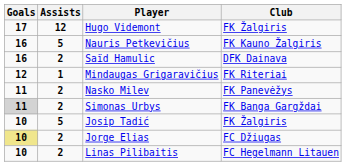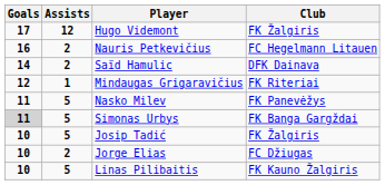 <table class="wikitable" style="text-size: 95%;">
 <tr>
 <th>Goals</th>
 <th>Assists</th>
 <th>Player</th>
 <th>Club</th>
 </tr>
 <tr>
 <td style="text-align: center;"><strong>17</strong></td>
 <td style="text-align: center;"><strong>12</strong></td>
 <td> <a href='#'>Hugo Videmont</a></td>
 <td><a href='#'>FK Žalgiris</a></td>
 </tr>
 <tr>
 <td style="text-align: center;"><strong>16</strong></td>
-<td style="text-align: center;"><strong>5</strong></td>
+<td style="text-align: center;"><strong>2</strong></td>
 <td> <a href='#'>Nauris Petkevičius</a></td>
-<td><a href='#'>FK Kauno Žalgiris</a></td>
+<td><a href='#'>FC Hegelmann Litauen</a></td>
 </tr>
 <tr>
-<td style="text-align: center;"><strong>16</strong></td>
+<td style="text-align: center;"><strong>14</strong></td>
 <td style="text-align: center;"><strong>2</strong></td>
 <td> <a href='#'>Saïd Hamulic</a></td>
 <td><a href='#'>DFK Dainava</a></td>
 </tr>
 <tr>
 <td style="text-align: center;"><strong>12</strong></td>
 <td style="text-align: center;"><strong>1</strong></td>
 <td> <a href='#'>Mindaugas Grigaravičius</a></td>
 <td><a href='#'>FK Riteriai</a></td>
 </tr>
 <tr>
 <td style="text-align: center;"><strong>11</strong></td>
-<td style="text-align: center;"><strong>2</strong></td>
+<td style="text-align: center;"><strong>5</strong></td>
 <td> <a href='#'>Nasko Milev</a></td>
 <td><a href='#'>FK Panevėžys</a></td>
 </tr>
 <tr>
 <td style="background: lightgrey; text-align: center;"><strong>11</strong></td>
-<td style="text-align: center;"><strong>2</strong></td>
+<td style="text-align: center;"><strong>5</strong></td>
 <td> <a href='#'>Simonas Urbys</a></td>
 <td><a href='#'>FK Banga Gargždai</a></td>
 </tr>
 <tr>
 <td style="text-align: center;"><strong>10</strong></td>
 <td style="text-align: center;"><strong>5</strong></td>
 <td> <a href='#'>Josip Tadić</a></td>
 <td><a href='#'>FK Žalgiris</a></td>
 </tr>
 <tr>
-<td style="background: khaki; text-align: center;"><strong>10</strong></td>
+<td style="text-align: center;"><strong>10</strong></td>
 <td style="text-align: center;"><strong>2</strong></td>
 <td> <a href='#'>Jorge Elias</a></td>
 <td><a href='#'>FC Džiugas</a></td>
 </tr>
 <tr>
 <td style="text-align: center;"><strong>10</strong></td>
-<td style="text-align: center;"><strong>2</strong></td>
+<td style="text-align: center;"><strong>5</strong></td>
 <td> <a href='#'>Linas Pilibaitis</a></td>
-<td><a href='#'>FC Hegelmann Litauen</a></td>
+<td><a href='#'>FK Kauno Žalgiris</a></td>
 </tr>
 </table>
